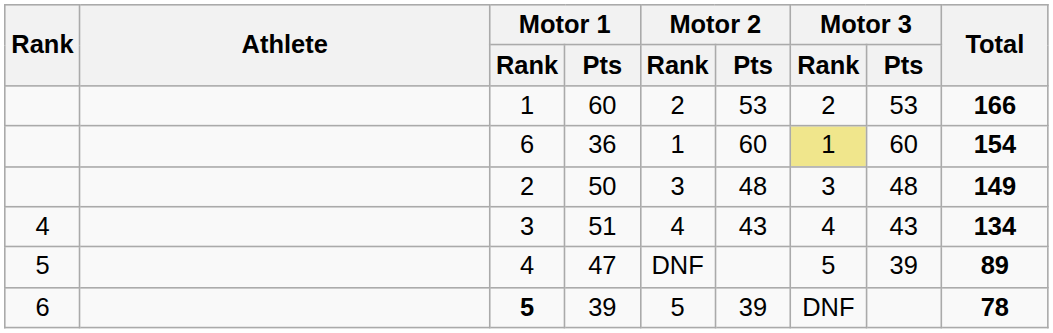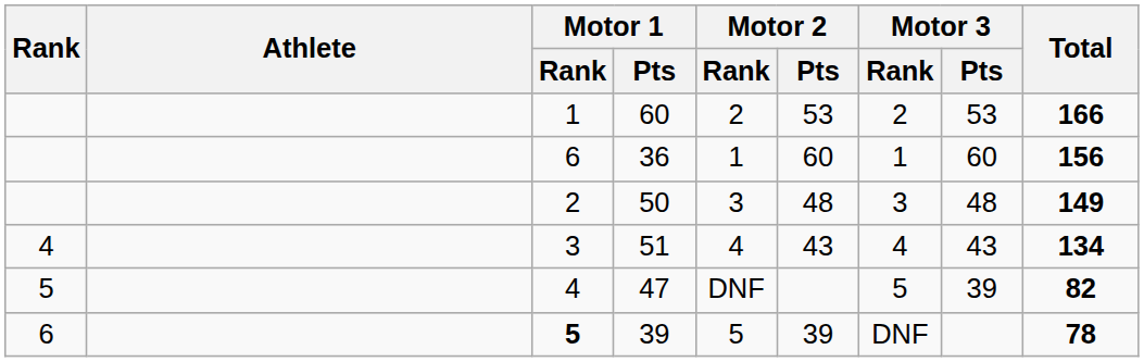 <table class=wikitable style="text-align:center">
 <tr>
 <th width=40 rowspan=2>Rank</th>
 <th width=250 rowspan=2>Athlete</th>
 <th colspan=2>Motor 1</th>
 <th colspan=2>Motor 2</th>
 <th colspan=2>Motor 3</th>
 <th width=60 rowspan=2>Total</th>
 </tr>
 <tr>
 <th width=40>Rank</th>
 <th width=40>Pts</th>
 <th width=40>Rank</th>
 <th width=40>Pts</th>
 <th width=40>Rank</th>
 <th width=40>Pts</th>
 </tr>
 <tr>
 <td></td>
 <td align=left></td>
 <td>1</td>
 <td>60</td>
 <td>2</td>
 <td>53</td>
 <td>2</td>
 <td>53</td>
 <td><strong>166</strong></td>
 </tr>
 <tr>
 <td></td>
 <td align=left></td>
 <td>6</td>
 <td>36</td>
 <td>1</td>
 <td>60</td>
-<td style="background: khaki;">1</td>
+<td>1</td>
 <td>60</td>
-<td><strong>154</strong></td>
+<td><strong>156</strong></td>
 </tr>
 <tr>
 <td></td>
 <td align=left></td>
 <td>2</td>
 <td>50</td>
 <td>3</td>
 <td>48</td>
 <td>3</td>
 <td>48</td>
 <td><strong>149</strong></td>
 </tr>
 <tr>
 <td>4</td>
 <td align=left></td>
 <td>3</td>
 <td>51</td>
 <td>4</td>
 <td>43</td>
 <td>4</td>
 <td>43</td>
 <td><strong>134</strong></td>
 </tr>
 <tr>
 <td>5</td>
 <td align=left></td>
 <td>4</td>
 <td>47</td>
 <td>DNF</td>
 <td></td>
 <td>5</td>
 <td>39</td>
-<td><strong>89</strong></td>
+<td><strong>82</strong></td>
 </tr>
 <tr>
 <td>6</td>
 <td align=left></td>
 <td><strong>5</strong></td>
 <td>39</td>
 <td>5</td>
 <td>39</td>
 <td>DNF</td>
 <td></td>
 <td><strong>78</strong></td>
 </tr>
 </table>
